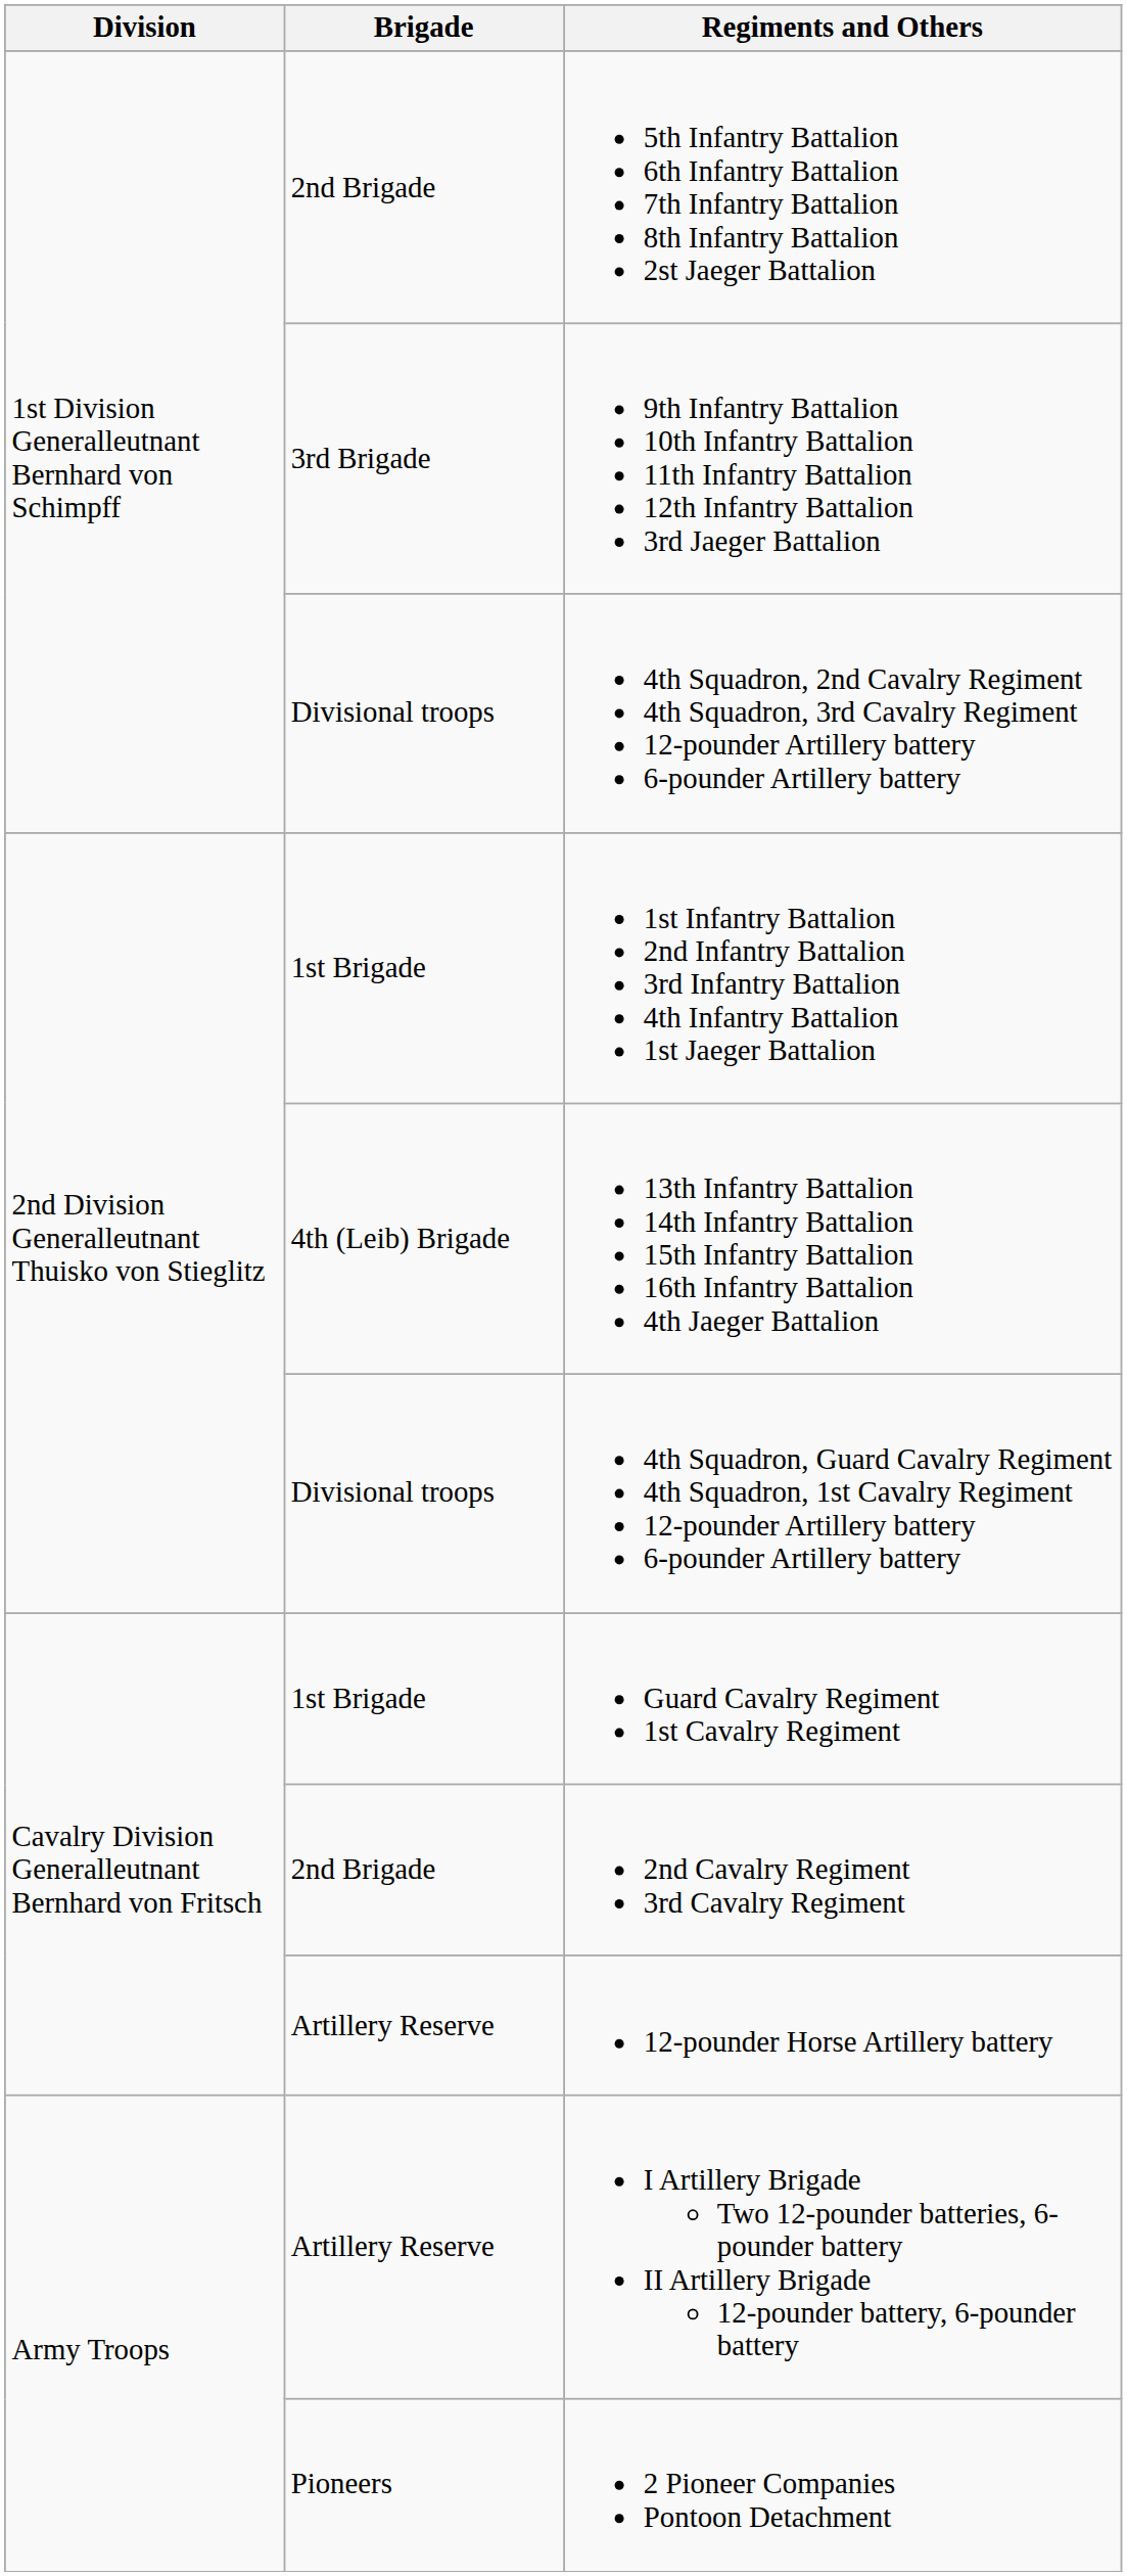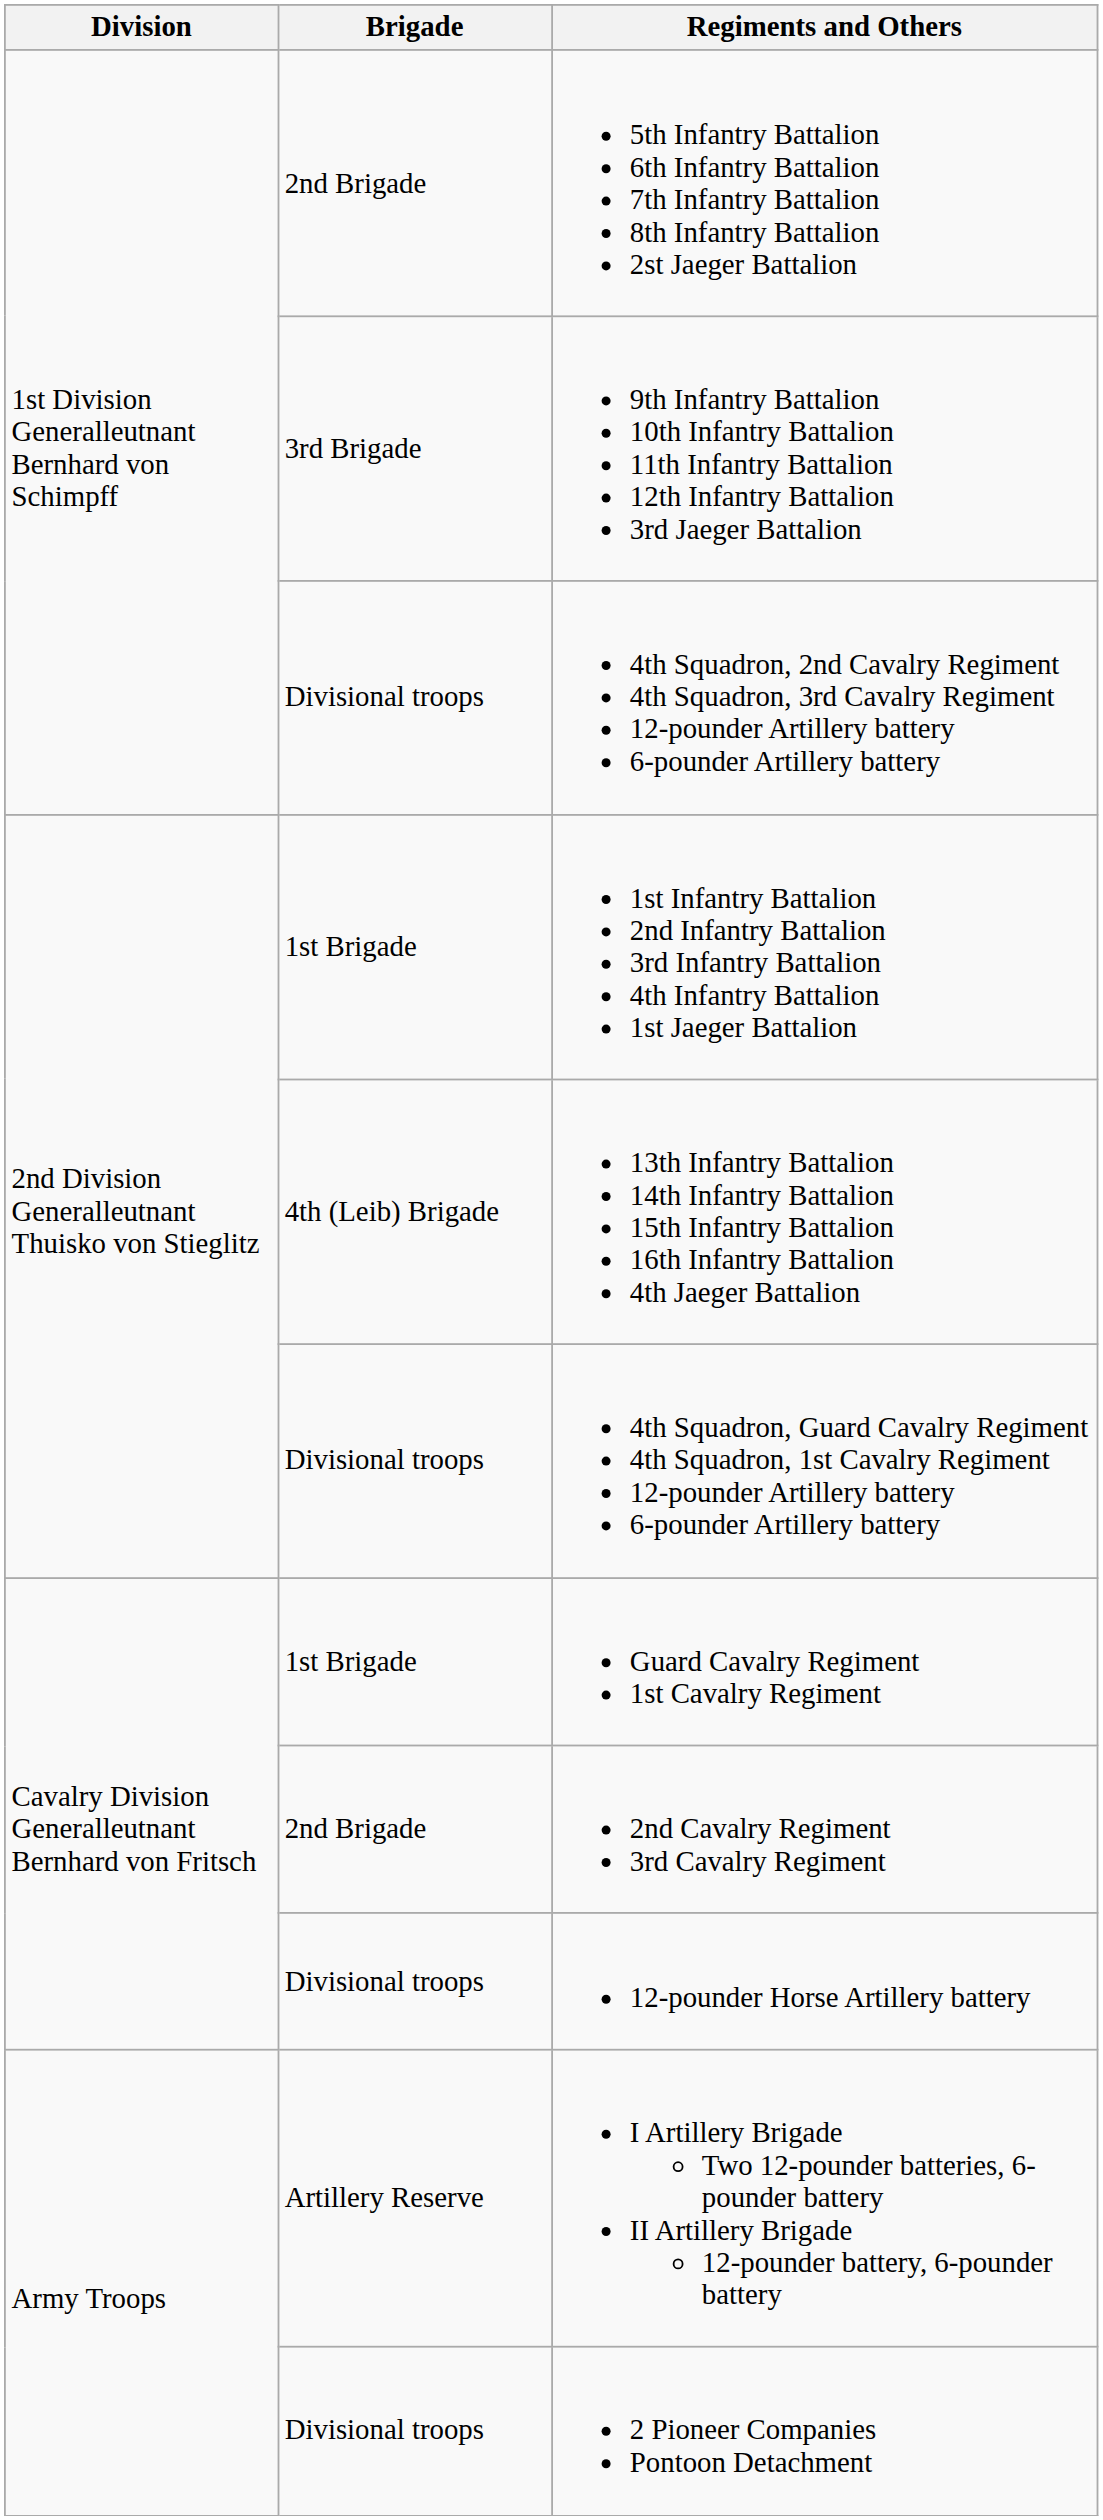 <table class="wikitable">
 <tr>
 <th style="width:25%;">Division</th>
 <th style="width:25%;">Brigade</th>
 <th>Regiments and Others</th>
 </tr>
 <tr>
 <td rowspan=3><br>1st Division <br> Generalleutnant Bernhard von Schimpff</td>
 <td>2nd Brigade</td>
 <td><br><ul><li>5th Infantry Battalion</li><li>6th Infantry Battalion</li><li>7th Infantry Battalion</li><li>8th Infantry Battalion</li><li>2st Jaeger Battalion</li></ul></td>
 </tr>
 <tr>
 <td>3rd Brigade</td>
 <td><br><ul><li>9th Infantry Battalion</li><li>10th Infantry Battalion</li><li>11th Infantry Battalion</li><li>12th Infantry Battalion</li><li>3rd Jaeger Battalion</li></ul></td>
 </tr>
 <tr>
 <td>Divisional troops</td>
 <td><br><ul><li>4th Squadron, 2nd Cavalry Regiment</li><li>4th Squadron, 3rd Cavalry Regiment</li><li>12-pounder Artillery battery</li><li>6-pounder Artillery battery</li></ul></td>
 </tr>
 <tr>
 <td rowspan=3><br>2nd Division <br> Generalleutnant Thuisko von Stieglitz</td>
 <td>1st Brigade</td>
 <td><br><ul><li>1st Infantry Battalion</li><li>2nd Infantry Battalion</li><li>3rd Infantry Battalion</li><li>4th Infantry Battalion</li><li>1st Jaeger Battalion</li></ul></td>
 </tr>
 <tr>
 <td>4th (Leib) Brigade</td>
 <td><br><ul><li>13th Infantry Battalion</li><li>14th Infantry Battalion</li><li>15th Infantry Battalion</li><li>16th Infantry Battalion</li><li>4th Jaeger Battalion</li></ul></td>
 </tr>
 <tr>
 <td>Divisional troops</td>
 <td><br><ul><li>4th Squadron, Guard Cavalry Regiment</li><li>4th Squadron, 1st Cavalry Regiment</li><li>12-pounder Artillery battery</li><li>6-pounder Artillery battery</li></ul></td>
 </tr>
 <tr>
 <td rowspan=3><br>Cavalry Division <br> Generalleutnant Bernhard von Fritsch</td>
 <td>1st Brigade</td>
 <td><br><ul><li>Guard Cavalry Regiment</li><li>1st Cavalry Regiment</li></ul></td>
 </tr>
 <tr>
 <td>2nd Brigade</td>
 <td><br><ul><li>2nd Cavalry Regiment</li><li>3rd Cavalry Regiment</li></ul></td>
 </tr>
 <tr>
-<td>Artillery Reserve</td>
+<td>Divisional troops</td>
 <td><br><ul><li>12-pounder Horse Artillery battery</li></ul></td>
 </tr>
 <tr>
 <td rowspan=2><br>Army Troops</td>
 <td>Artillery Reserve</td>
 <td><br><ul><li>I Artillery Brigade<ul><li>Two 12-pounder batteries, 6-pounder battery</li></ul></li><li>II Artillery Brigade<ul><li>12-pounder battery, 6-pounder battery</li></ul></li></ul></td>
 </tr>
 <tr>
-<td>Pioneers</td>
+<td>Divisional troops</td>
 <td><br><ul><li>2 Pioneer Companies</li><li>Pontoon Detachment</li></ul></td>
 </tr>
 </table>
